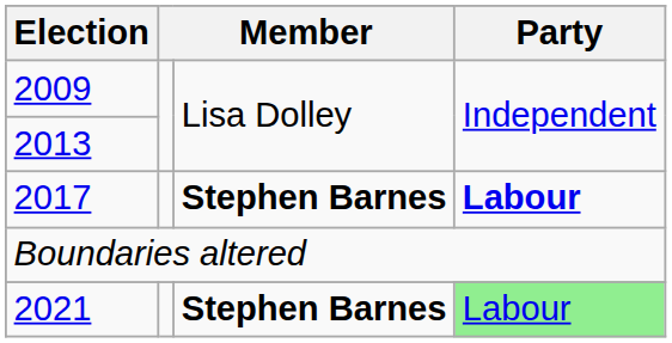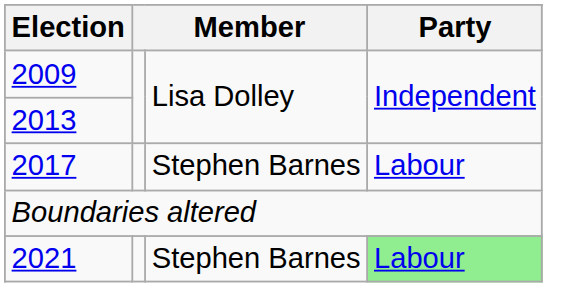 <table class="wikitable">
 <tr>
 <th>Election</th>
 <th colspan="2">Member</th>
 <th>Party</th>
 </tr>
 <tr>
 <td><a href='#'>2009</a></td>
 <td rowspan="2" style="background-color: "></td>
 <td rowspan="2">Lisa Dolley</td>
 <td rowspan="2"><a href='#'>Independent</a></td>
 </tr>
 <tr>
 <td><a href='#'>2013</a></td>
 </tr>
 <tr>
 <td><a href='#'>2017</a></td>
 <td rowspan="1" style="background-color: "></td>
-<td rowspan="1"><strong>Stephen Barnes</strong></td>
-<td rowspan="1"><strong><a href='#'>Labour</a></strong></td>
+<td rowspan="1">Stephen Barnes</td>
+<td rowspan="1"><a href='#'>Labour</a></td>
 </tr>
 <tr>
 <td colspan="4"><em>Boundaries altered</em></td>
 </tr>
 <tr>
 <td><a href='#'>2021</a></td>
 <td rowspan="1" style="background-color: "></td>
-<td rowspan="1"><strong>Stephen Barnes</strong></td>
+<td rowspan="1">Stephen Barnes</td>
 <td rowspan="1" style="background: lightgreen;"><a href='#'>Labour</a></td>
 </tr>
 </table>
